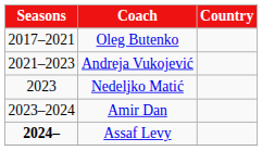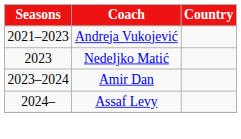 <table class="wikitable" style="text-align: center">
 <tr>
 <th style="color:white; background:#EE1212">Seasons</th>
 <th style="color:white; background:#EE1212">Coach</th>
 <th style="color:white; background:#EE1212">Country</th>
-</tr>
-<tr>
-<td style="text-align: center">2017–2021</td>
-<td style="text-align: center"><a href='#'>Oleg Butenko</a></td>
-<td style="text-align: center"></td>
 </tr>
 <tr>
 <td style="text-align: center">2021–2023</td>
 <td style="text-align: center"><a href='#'>Andreja Vukojević</a></td>
 <td style="text-align: center"></td>
 </tr>
 <tr>
 <td style="text-align: center">2023</td>
 <td style="text-align: center"><a href='#'>Nedeljko Matić</a></td>
 <td style="text-align: center"></td>
 </tr>
 <tr>
 <td style="text-align: center">2023–2024</td>
 <td style="text-align: center"><a href='#'>Amir Dan</a></td>
 <td style="text-align: center"></td>
 </tr>
 <tr>
-<td style="text-align: center"><strong>2024–</strong></td>
+<td style="text-align: center">2024–</td>
 <td style="text-align: center"><a href='#'>Assaf Levy</a></td>
 <td style="text-align: center"></td>
 </tr>
 <tr>
 </tr>
 </table>
